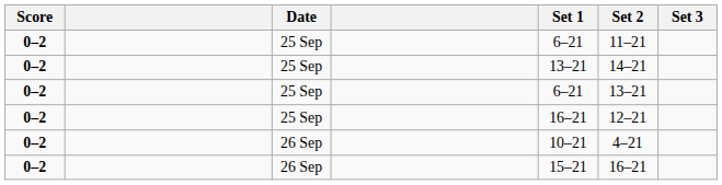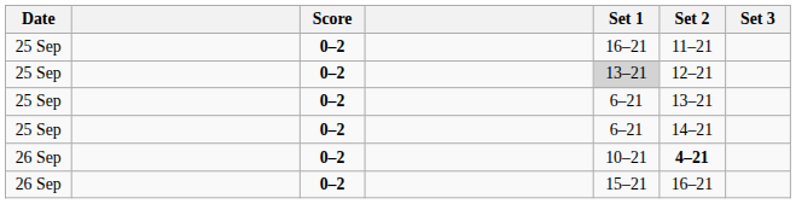 <table class="wikitable" style="text-align: center; font-size:90% ">
 <tr>
+<th width="50">Date</th>
+<th align="right" width="190"></th>
 <th width="50">Score</th>
-<th align="right" width="190"></th>
-<th width="50">Date</th>
 <th align="left" width="190"></th>
 <th width="50">Set 1</th>
 <th width="50">Set 2</th>
 <th width="50">Set 3</th>
 </tr>
 <tr>
+<td>25 Sep</td>
+<td align=right></td>
 <td align=center><strong>0–2</strong></td>
-<td align=right></td>
-<td>25 Sep</td>
 <td align=left><strong></strong></td>
-<td>6–21</td>
+<td>16–21</td>
 <td>11–21</td>
 <td></td>
 </tr>
 <tr>
+<td>25 Sep</td>
+<td align=right></td>
 <td align=center><strong>0–2</strong></td>
-<td align=right></td>
-<td>25 Sep</td>
 <td align=left><strong></strong></td>
-<td>13–21</td>
-<td>14–21</td>
+<td style="background: lightgrey;">13–21</td>
+<td>12–21</td>
 <td></td>
 </tr>
 <tr>
+<td>25 Sep</td>
+<td align=right></td>
 <td align=center><strong>0–2</strong></td>
-<td align=right></td>
-<td>25 Sep</td>
 <td align=left><strong></strong></td>
 <td>6–21</td>
 <td>13–21</td>
 <td></td>
 </tr>
 <tr>
+<td>25 Sep</td>
+<td align=right></td>
 <td align=center><strong>0–2</strong></td>
-<td align=right></td>
-<td>25 Sep</td>
 <td align=left><strong></strong></td>
-<td>16–21</td>
-<td>12–21</td>
+<td>6–21</td>
+<td>14–21</td>
 <td></td>
 </tr>
 <tr>
+<td>26 Sep</td>
+<td align=right></td>
 <td align=center><strong>0–2</strong></td>
-<td align=right></td>
-<td>26 Sep</td>
 <td align=left><strong></strong></td>
 <td>10–21</td>
-<td>4–21</td>
+<td><strong>4–21</strong></td>
 <td></td>
 </tr>
 <tr>
+<td>26 Sep</td>
+<td align=right></td>
 <td align=center><strong>0–2</strong></td>
-<td align=right></td>
-<td>26 Sep</td>
 <td align=left><strong></strong></td>
 <td>15–21</td>
 <td>16–21</td>
 <td></td>
 </tr>
 </table>
